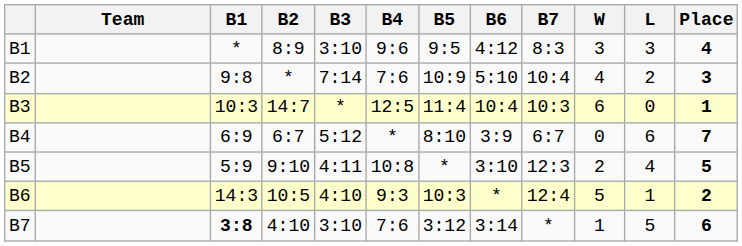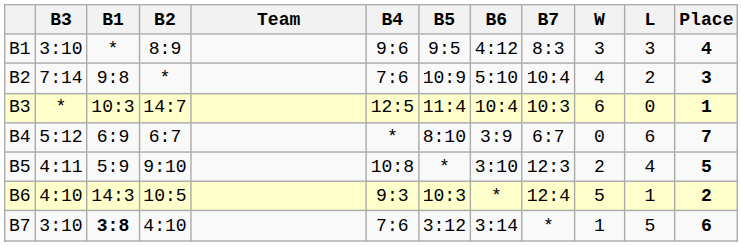 <table class="wikitable" style="text-align:center;">
 <tr>
 <th></th>
-<th width="120">Team</th>
+<th width="25">B3</th>
 <th width="25">B1</th>
 <th width="25">B2</th>
-<th width="25">B3</th>
+<th width="120">Team</th>
 <th width="25">B4</th>
 <th width="25">B5</th>
 <th width="25">B6</th>
 <th width="25">B7</th>
 <th width="30">W</th>
 <th width="30">L</th>
 <th>Place</th>
 </tr>
 <tr>
 <td>B1</td>
-<td align="left"></td>
+<td>3:10</td>
 <td>*</td>
 <td>8:9</td>
-<td>3:10</td>
+<td align="left"></td>
 <td>9:6</td>
 <td>9:5</td>
 <td>4:12</td>
 <td>8:3</td>
 <td>3</td>
 <td>3</td>
 <td><strong>4</strong></td>
 </tr>
 <tr>
 <td>B2</td>
-<td align="left"></td>
+<td>7:14</td>
 <td>9:8</td>
 <td>*</td>
-<td>7:14</td>
+<td align="left"></td>
 <td>7:6</td>
 <td>10:9</td>
 <td>5:10</td>
 <td>10:4</td>
 <td>4</td>
 <td>2</td>
 <td><strong>3</strong></td>
 </tr>
 <tr bgcolor="#ffffcc">
 <td>B3</td>
-<td align="left"></td>
+<td>*</td>
 <td>10:3</td>
 <td>14:7</td>
-<td>*</td>
+<td align="left"></td>
 <td>12:5</td>
 <td>11:4</td>
 <td>10:4</td>
 <td>10:3</td>
 <td>6</td>
 <td>0</td>
 <td><strong>1</strong></td>
 </tr>
 <tr>
 <td>B4</td>
-<td align="left"></td>
+<td>5:12</td>
 <td>6:9</td>
 <td>6:7</td>
-<td>5:12</td>
+<td align="left"></td>
 <td>*</td>
 <td>8:10</td>
 <td>3:9</td>
 <td>6:7</td>
 <td>0</td>
 <td>6</td>
 <td><strong>7</strong></td>
 </tr>
 <tr>
 <td>B5</td>
-<td align="left"></td>
+<td>4:11</td>
 <td>5:9</td>
 <td>9:10</td>
-<td>4:11</td>
+<td align="left"></td>
 <td>10:8</td>
 <td>*</td>
 <td>3:10</td>
 <td>12:3</td>
 <td>2</td>
 <td>4</td>
 <td><strong>5</strong></td>
 </tr>
 <tr bgcolor="#ffffcc">
 <td>B6</td>
-<td align="left"></td>
+<td>4:10</td>
 <td>14:3</td>
 <td>10:5</td>
-<td>4:10</td>
+<td align="left"></td>
 <td>9:3</td>
 <td>10:3</td>
 <td>*</td>
 <td>12:4</td>
 <td>5</td>
 <td>1</td>
 <td><strong>2</strong></td>
 </tr>
 <tr>
 <td>B7</td>
-<td align="left"></td>
+<td>3:10</td>
 <td><strong>3:8</strong></td>
 <td>4:10</td>
-<td>3:10</td>
+<td align="left"></td>
 <td>7:6</td>
 <td>3:12</td>
 <td>3:14</td>
 <td>*</td>
 <td>1</td>
 <td>5</td>
 <td><strong>6</strong></td>
 </tr>
 </table>
